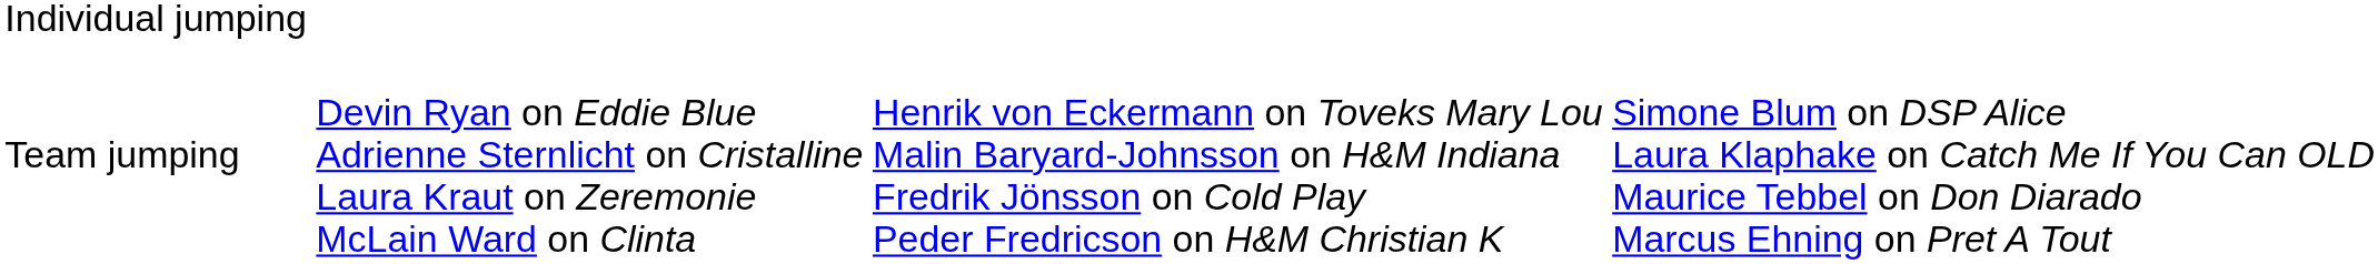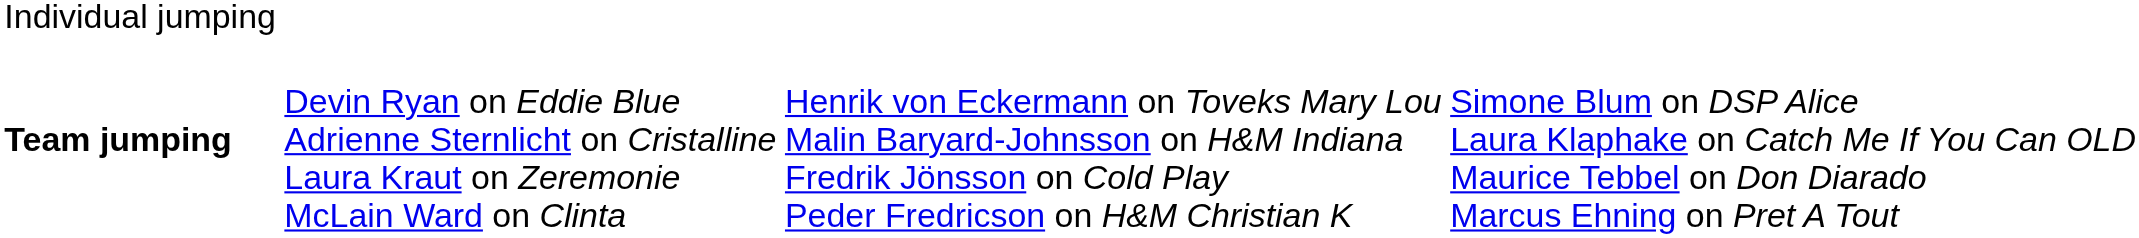 <table>
 <tr>
 <td>Individual jumping<br></td>
 <td></td>
 <td></td>
 <td></td>
 </tr>
 <tr>
-<td>Team jumping<br></td>
+<td><strong>Team jumping<br></strong></td>
 <td><br><a href='#'>Devin Ryan</a> on <em>Eddie Blue</em><br><a href='#'>Adrienne Sternlicht</a> on  <em>Cristalline</em><br><a href='#'>Laura Kraut</a> on <em>Zeremonie</em><br><a href='#'>McLain Ward</a> on <em>Clinta</em></td>
 <td><br><a href='#'>Henrik von Eckermann</a> on <em>Toveks Mary Lou</em><br><a href='#'>Malin Baryard-Johnsson</a> on <em>H&M Indiana</em><br><a href='#'>Fredrik Jönsson</a> on <em>Cold Play</em><br><a href='#'>Peder Fredricson</a> on <em>H&M Christian K</em></td>
 <td><br><a href='#'>Simone Blum</a> on <em>DSP Alice</em><br><a href='#'>Laura Klaphake</a> on <em>Catch Me If You Can OLD</em><br><a href='#'>Maurice Tebbel</a> on <em>Don Diarado</em><br><a href='#'>Marcus Ehning</a> on <em>Pret A Tout</em></td>
 </tr>
 </table>
